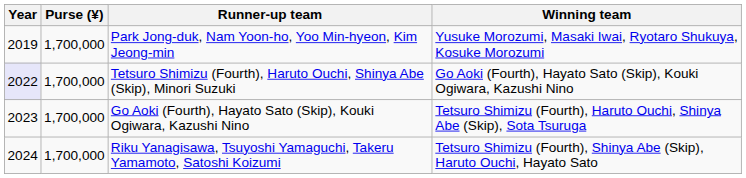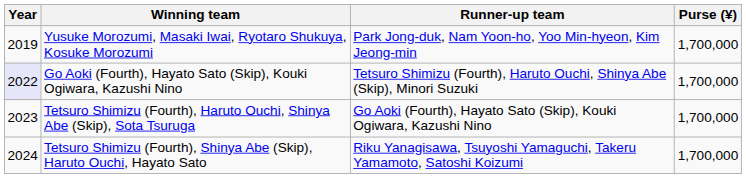 <table class="wikitable">
 <tr>
 <th scope="col">Year</th>
+<th scope="col">Winning team</th>
+<th scope="col">Runner-up team</th>
 <th scope="col">Purse (¥)</th>
-<th scope="col">Runner-up team</th>
-<th scope="col">Winning team</th>
 </tr>
 <tr>
 <td>2019</td>
+<td> <a href='#'>Yusuke Morozumi</a>, <a href='#'>Masaki Iwai</a>, <a href='#'>Ryotaro Shukuya</a>, <a href='#'>Kosuke Morozumi</a></td>
+<td> <a href='#'>Park Jong-duk</a>, <a href='#'>Nam Yoon-ho</a>, <a href='#'>Yoo Min-hyeon</a>, <a href='#'>Kim Jeong-min</a></td>
 <td>1,700,000</td>
-<td> <a href='#'>Park Jong-duk</a>, <a href='#'>Nam Yoon-ho</a>, <a href='#'>Yoo Min-hyeon</a>, <a href='#'>Kim Jeong-min</a></td>
-<td> <a href='#'>Yusuke Morozumi</a>, <a href='#'>Masaki Iwai</a>, <a href='#'>Ryotaro Shukuya</a>, <a href='#'>Kosuke Morozumi</a></td>
 </tr>
 <tr>
 <td style="background: lavender;">2022</td>
+<td> <a href='#'>Go Aoki</a> (Fourth), Hayato Sato (Skip), Kouki Ogiwara, Kazushi Nino</td>
+<td> <a href='#'>Tetsuro Shimizu</a> (Fourth), <a href='#'>Haruto Ouchi</a>, <a href='#'>Shinya Abe</a> (Skip), Minori Suzuki</td>
 <td>1,700,000</td>
-<td> <a href='#'>Tetsuro Shimizu</a> (Fourth), <a href='#'>Haruto Ouchi</a>, <a href='#'>Shinya Abe</a> (Skip), Minori Suzuki</td>
-<td> <a href='#'>Go Aoki</a> (Fourth), Hayato Sato (Skip), Kouki Ogiwara, Kazushi Nino</td>
 </tr>
 <tr>
 <td>2023</td>
+<td> <a href='#'>Tetsuro Shimizu</a> (Fourth), <a href='#'>Haruto Ouchi</a>, <a href='#'>Shinya Abe</a> (Skip), <a href='#'>Sota Tsuruga</a></td>
+<td> <a href='#'>Go Aoki</a> (Fourth), Hayato Sato (Skip), Kouki Ogiwara, Kazushi Nino</td>
 <td>1,700,000</td>
-<td> <a href='#'>Go Aoki</a> (Fourth), Hayato Sato (Skip), Kouki Ogiwara, Kazushi Nino</td>
-<td> <a href='#'>Tetsuro Shimizu</a> (Fourth), <a href='#'>Haruto Ouchi</a>, <a href='#'>Shinya Abe</a> (Skip), <a href='#'>Sota Tsuruga</a></td>
 </tr>
 <tr>
 <td>2024</td>
+<td> <a href='#'>Tetsuro Shimizu</a> (Fourth), <a href='#'>Shinya Abe</a> (Skip), <a href='#'>Haruto Ouchi</a>, Hayato Sato</td>
+<td> <a href='#'>Riku Yanagisawa</a>, <a href='#'>Tsuyoshi Yamaguchi</a>, <a href='#'>Takeru Yamamoto</a>, <a href='#'>Satoshi Koizumi</a></td>
 <td>1,700,000</td>
-<td> <a href='#'>Riku Yanagisawa</a>, <a href='#'>Tsuyoshi Yamaguchi</a>, <a href='#'>Takeru Yamamoto</a>, <a href='#'>Satoshi Koizumi</a></td>
-<td> <a href='#'>Tetsuro Shimizu</a> (Fourth), <a href='#'>Shinya Abe</a> (Skip), <a href='#'>Haruto Ouchi</a>, Hayato Sato</td>
 </tr>
 </table>
